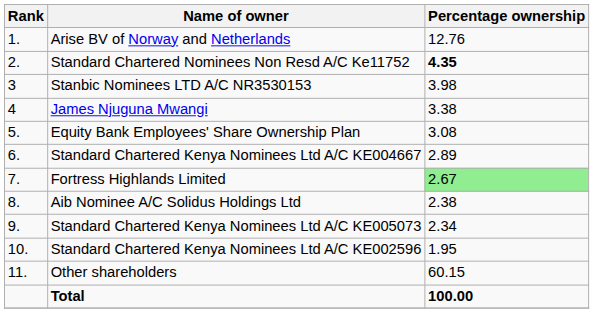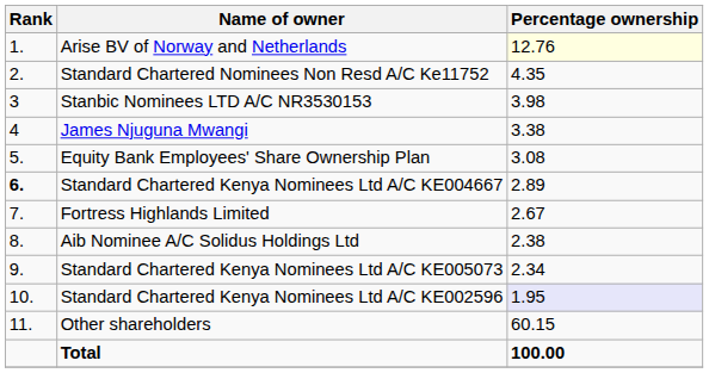 <table class="wikitable sortable" style="auto;margin-right:auto">
 <tr>
 <th style="width:2em;">Rank</th>
 <th>Name of owner</th>
 <th>Percentage ownership</th>
 </tr>
 <tr>
 <td>1.</td>
 <td>Arise BV of <a href='#'>Norway</a> and <a href='#'>Netherlands</a></td>
-<td>12.76</td>
+<td style="background: lightyellow;">12.76</td>
 </tr>
 <tr>
 <td>2.</td>
 <td>Standard Chartered Nominees Non Resd A/C Ke11752</td>
-<td><strong>4.35</strong></td>
+<td>4.35</td>
 </tr>
 <tr>
 <td>3</td>
 <td>Stanbic Nominees LTD A/C NR3530153</td>
 <td>3.98</td>
 </tr>
 <tr>
 <td>4</td>
 <td><a href='#'>James Njuguna Mwangi</a></td>
 <td>3.38</td>
 </tr>
 <tr>
 <td>5.</td>
 <td>Equity Bank Employees' Share Ownership Plan</td>
 <td>3.08</td>
 </tr>
 <tr>
-<td>6.</td>
+<td><strong>6.</strong></td>
 <td>Standard Chartered Kenya Nominees Ltd A/C KE004667</td>
 <td>2.89</td>
 </tr>
 <tr>
 <td>7.</td>
 <td>Fortress Highlands Limited</td>
-<td style="background: lightgreen;">2.67</td>
+<td>2.67</td>
 </tr>
 <tr>
 <td>8.</td>
 <td>Aib Nominee A/C Solidus Holdings Ltd</td>
 <td>2.38</td>
 </tr>
 <tr>
 <td>9.</td>
 <td>Standard Chartered Kenya Nominees Ltd A/C KE005073</td>
 <td>2.34</td>
 </tr>
 <tr>
 <td>10.</td>
 <td>Standard Chartered Kenya Nominees Ltd A/C KE002596</td>
-<td>1.95</td>
+<td style="background: lavender;">1.95</td>
 </tr>
 <tr>
 <td>11.</td>
 <td>Other shareholders</td>
 <td>60.15</td>
 </tr>
 <tr>
 <td></td>
 <td><strong>Total</strong></td>
 <td><strong>100.00</strong></td>
 </tr>
 <tr>
 </tr>
 </table>
